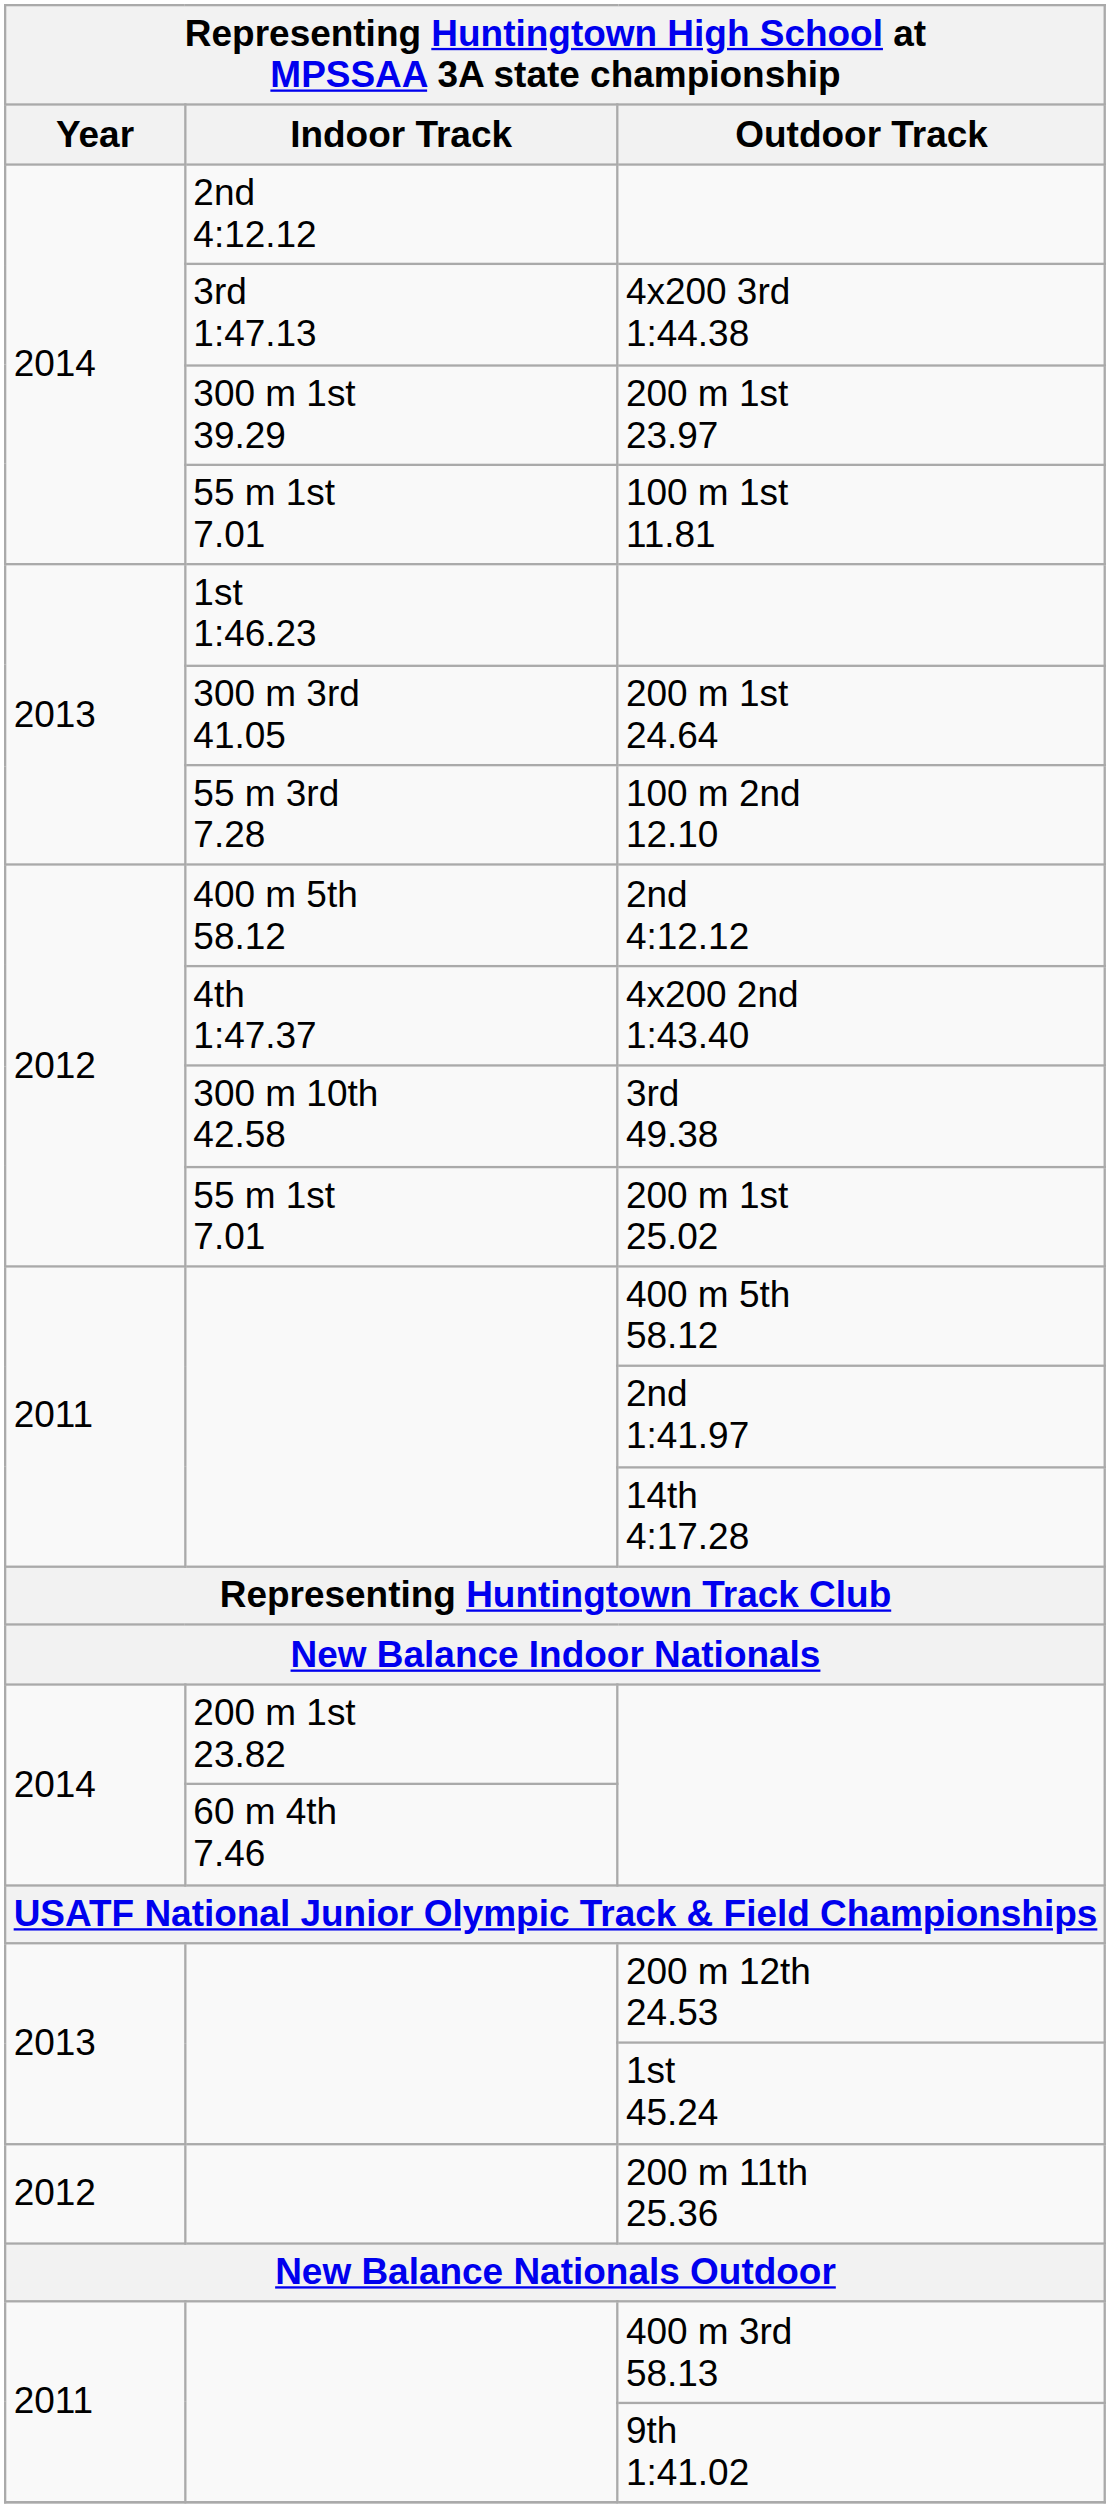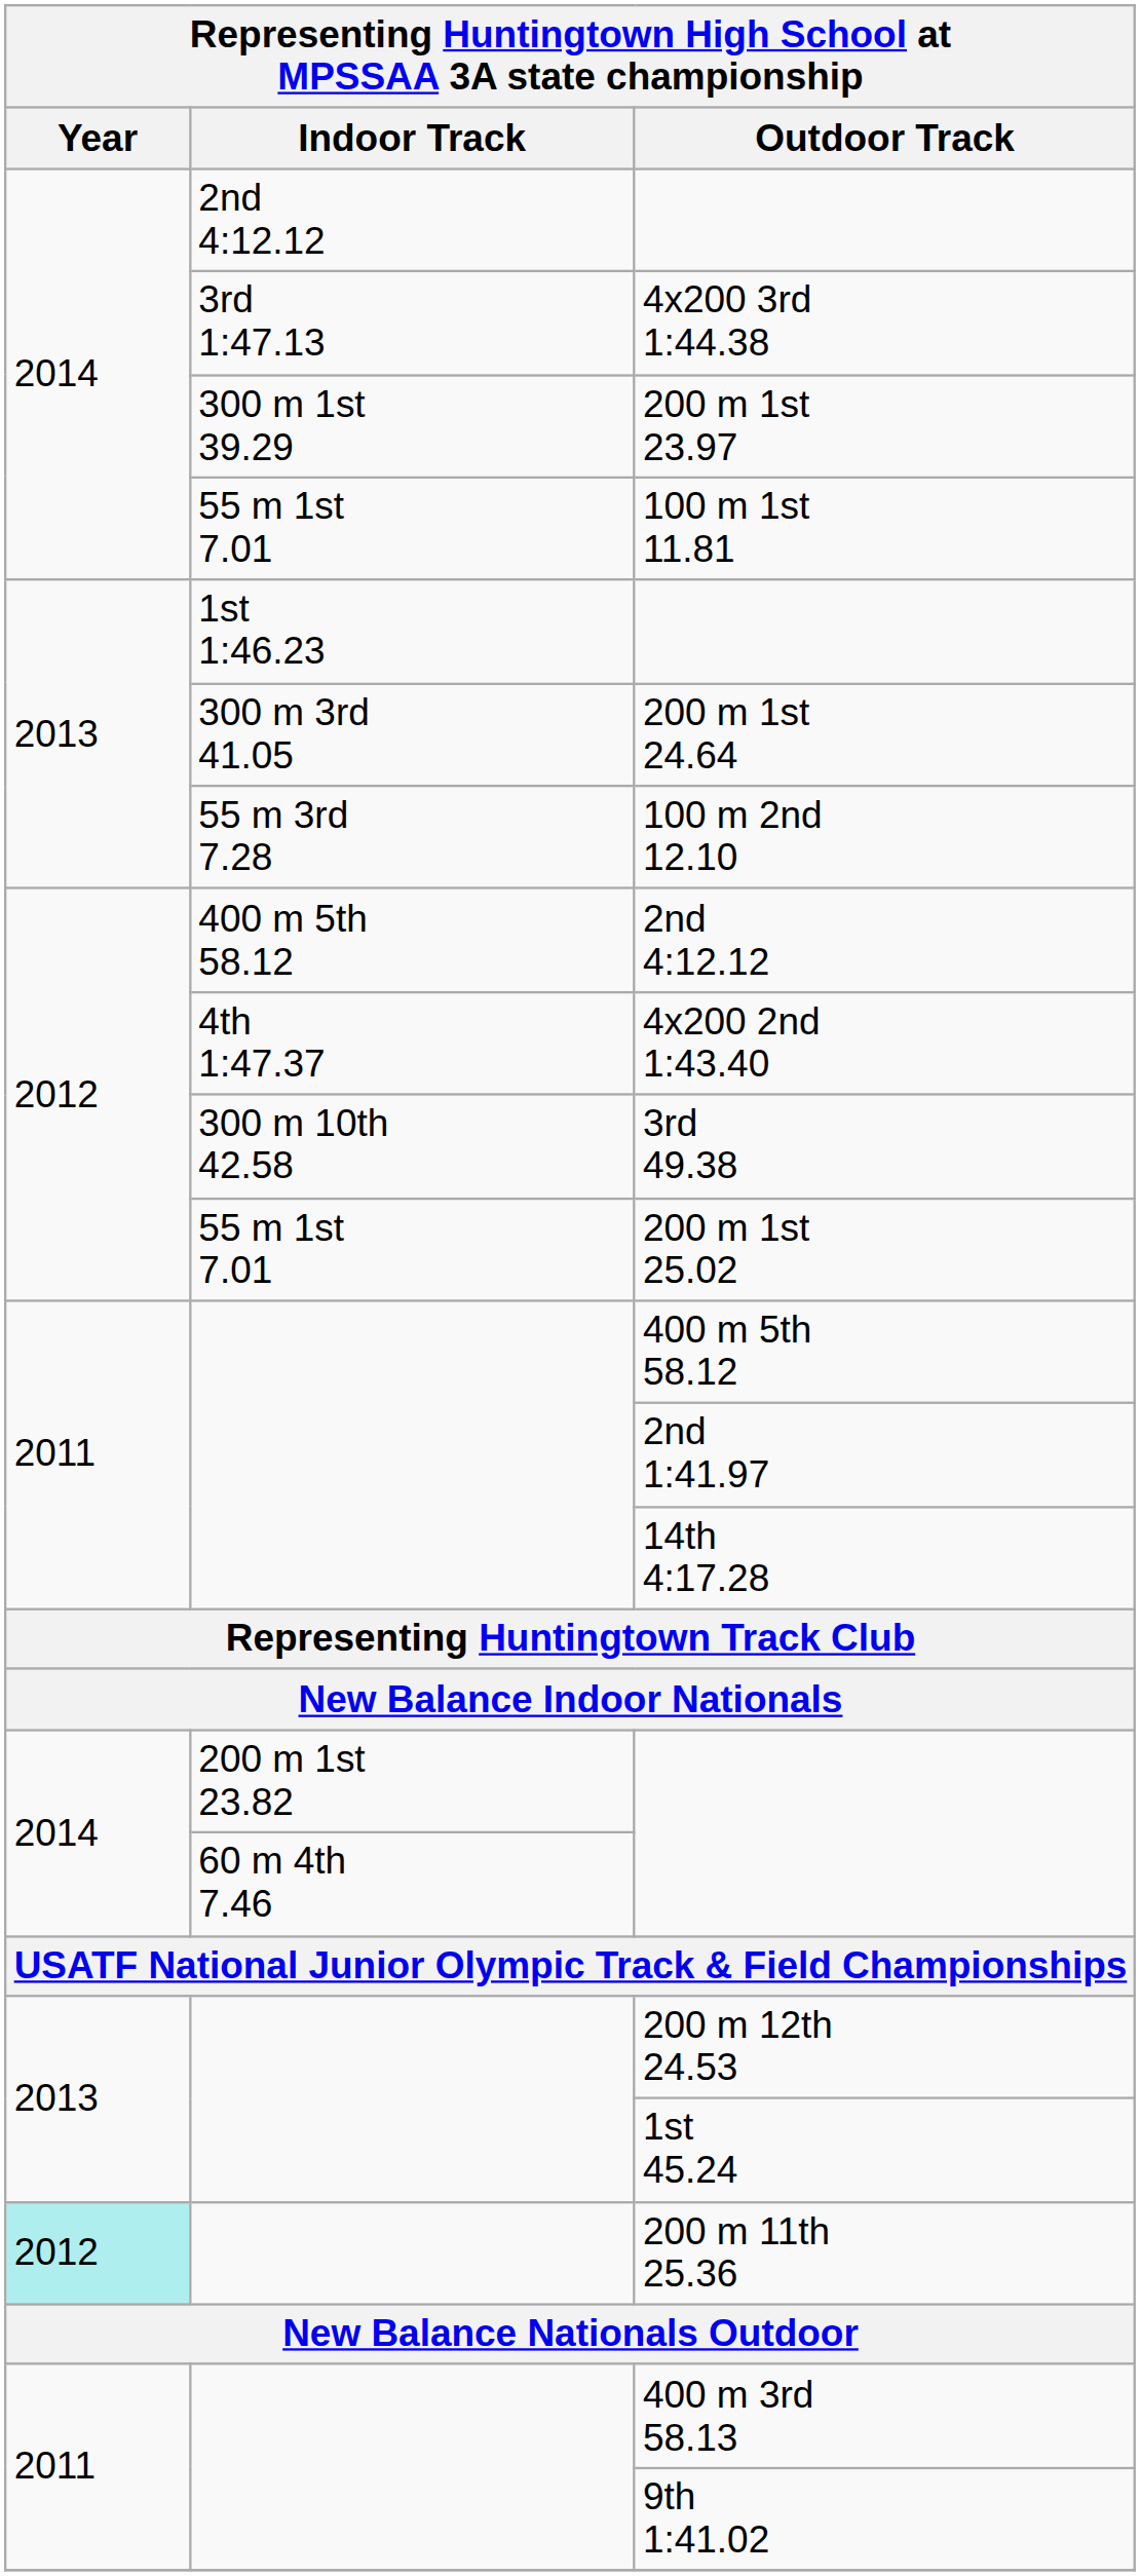 <table class="wikitable sortable">
 <tr>
 <th colspan="7">Representing <a href='#'>Huntingtown High School</a> at<br><a href='#'>MPSSAA</a> 3A state championship</th>
 </tr>
 <tr>
 <th>Year</th>
 <th>Indoor Track</th>
 <th>Outdoor Track</th>
 </tr>
 <tr>
 <td Rowspan=4>2014</td>
 <td Rowspan=1> 2nd<br>4:12.12</td>
 <td></td>
 </tr>
 <tr>
 <td> 3rd<br>1:47.13</td>
 <td>4x200 3rd<br>1:44.38</td>
 </tr>
 <tr>
 <td>300 m 1st<br>39.29</td>
 <td Rowspan=1>200 m 1st<br>23.97</td>
 </tr>
 <tr>
 <td>55 m 1st<br>7.01</td>
 <td>100 m 1st<br>11.81</td>
 </tr>
 <tr>
 <td Rowspan=3>2013</td>
 <td Rowspan=1> 1st<br>1:46.23</td>
 <td></td>
 </tr>
 <tr>
 <td>300 m 3rd<br>41.05</td>
 <td Rowspan=1>200 m 1st<br>24.64</td>
 </tr>
 <tr>
 <td>55 m 3rd<br>7.28</td>
 <td Rowspan=1>100 m 2nd<br>12.10</td>
 </tr>
 <tr>
 <td Rowspan=4>2012</td>
 <td Rowspan=1>400 m 5th<br>58.12</td>
 <td> 2nd<br>4:12.12</td>
 </tr>
 <tr>
 <td> 4th<br>1:47.37</td>
 <td>4x200 2nd<br>1:43.40</td>
 </tr>
 <tr>
 <td>300 m 10th<br>42.58</td>
 <td Rowspan=1> 3rd<br>49.38</td>
 </tr>
 <tr>
 <td Rowspan=1>55 m 1st<br>7.01</td>
 <td>200 m 1st<br>25.02</td>
 </tr>
 <tr>
 <td Rowspan=3>2011</td>
 <td Rowspan=3></td>
 <td>400 m 5th<br>58.12</td>
 </tr>
 <tr>
 <td> 2nd<br>1:41.97</td>
 </tr>
 <tr>
 <td> 14th<br>4:17.28</td>
 </tr>
 <tr>
 <th colspan="7">Representing <a href='#'>Huntingtown Track Club</a></th>
 </tr>
 <tr>
 <th colspan="7"><a href='#'>New Balance Indoor Nationals</a></th>
 </tr>
 <tr>
 <td Rowspan=2>2014</td>
 <td Rowspan=1>200 m 1st<br>23.82</td>
 <td Rowspan=2></td>
 </tr>
 <tr>
 <td>60 m 4th<br>7.46</td>
 </tr>
 <tr>
 <th colspan="7"><a href='#'>USATF National Junior Olympic Track & Field Championships</a></th>
 </tr>
 <tr>
 <td Rowspan=2>2013</td>
 <td Rowspan=2></td>
 <td>200 m 12th<br>24.53</td>
 </tr>
 <tr>
 <td> 1st<br>45.24</td>
 </tr>
 <tr>
-<td Rowspan=1>2012</td>
+<td Rowspan=1 style="background: paleturquoise;">2012</td>
 <td Rowspan=1></td>
 <td>200 m 11th<br>25.36</td>
 </tr>
 <tr>
 <th colspan="7"><a href='#'>New Balance Nationals Outdoor</a></th>
 </tr>
 <tr>
 <td Rowspan=2>2011</td>
 <td Rowspan=2></td>
 <td>400 m 3rd<br>58.13</td>
 </tr>
 <tr>
 <td> 9th<br>1:41.02</td>
 </tr>
 <tr>
 </tr>
 </table>
